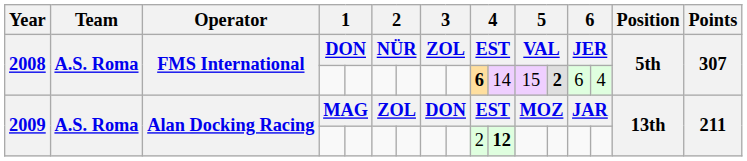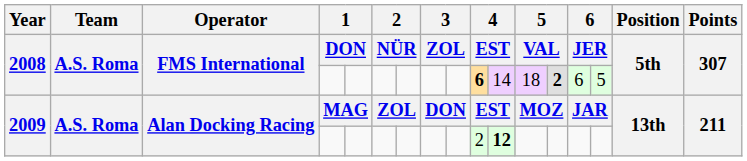 <table class="wikitable" style="text-align:center; font-size:85%">
 <tr>
 <th>Year</th>
 <th>Team</th>
 <th>Operator</th>
 <th colspan=2>1</th>
 <th colspan=2>2</th>
 <th colspan=2>3</th>
 <th colspan=2>4</th>
 <th colspan=2>5</th>
 <th colspan=2>6</th>
 <th>Position</th>
 <th>Points</th>
 </tr>
 <tr>
 <th rowspan=2><a href='#'>2008</a></th>
 <th rowspan=2 nowrap><a href='#'>A.S. Roma</a></th>
 <th rowspan=2 nowrap><a href='#'>FMS International</a></th>
 <th colspan=2><a href='#'>DON</a></th>
 <th colspan=2><a href='#'>NÜR</a></th>
 <th colspan=2><a href='#'>ZOL</a></th>
 <th colspan=2><a href='#'>EST</a></th>
 <th colspan=2><a href='#'>VAL</a></th>
 <th colspan=2><a href='#'>JER</a></th>
 <th rowspan=2>5th</th>
 <th rowspan=2>307</th>
 </tr>
 <tr>
 <td></td>
 <td></td>
 <td></td>
 <td></td>
 <td></td>
 <td></td>
 <td style="background:#ffdf9f;"><strong>6</strong></td>
 <td style="background:#efcfff;">14</td>
-<td style="background:#efcfff;">15</td>
+<td style="background:#efcfff;">18</td>
 <td style="background:#dfdfdf;"><strong>2</strong></td>
 <td style="background:#dfffdf;">6</td>
-<td style="background:#dfffdf;">4</td>
+<td style="background:#dfffdf;">5</td>
 </tr>
 <tr>
 <th rowspan=2><a href='#'>2009</a></th>
 <th rowspan=2 nowrap><a href='#'>A.S. Roma</a></th>
 <th rowspan=2 nowrap><a href='#'>Alan Docking Racing</a></th>
 <th colspan=2><a href='#'>MAG</a></th>
 <th colspan=2><a href='#'>ZOL</a></th>
 <th colspan=2><a href='#'>DON</a></th>
 <th colspan=2><a href='#'>EST</a></th>
 <th colspan=2><a href='#'>MOZ</a></th>
 <th colspan=2><a href='#'>JAR</a></th>
 <th rowspan=2>13th</th>
 <th rowspan=2>211</th>
 </tr>
 <tr>
 <td></td>
 <td></td>
 <td></td>
 <td></td>
 <td></td>
 <td></td>
 <td style="background:#dfffdf;">2</td>
 <td style="background:#dfffdf;"><strong>12</strong></td>
 <td></td>
 <td></td>
 <td></td>
 <td></td>
 </tr>
 </table>
